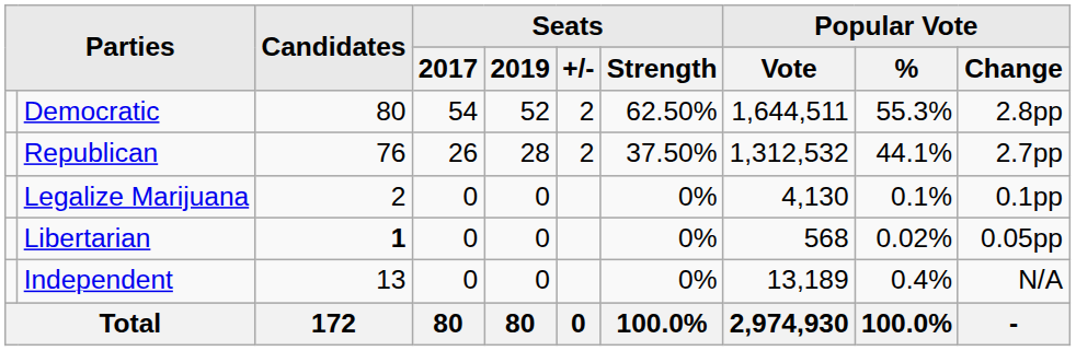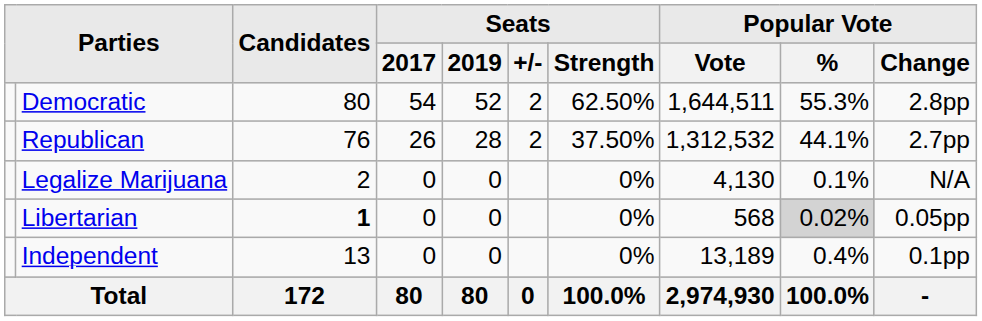 <table class=wikitable>
 <tr>
 <th style="background-color:#E9E9E9" align=center rowspan= 2 colspan=2>Parties</th>
 <th style="background-color:#E9E9E9" align=center rowspan= 2>Candidates</th>
 <th style="background-color:#E9E9E9" align=center colspan=4>Seats</th>
 <th style="background-color:#E9E9E9" align=center colspan=3>Popular Vote</th>
 </tr>
 <tr>
 <th align=center>2017</th>
 <th align=center>2019</th>
 <th align=center>+/-</th>
 <th align=center>Strength</th>
 <th align=center>Vote</th>
 <th align=center>%</th>
 <th align=center>Change</th>
 </tr>
 <tr>
 <td></td>
 <td align=left><a href='#'>Democratic</a></td>
 <td align=right>80</td>
 <td align=right >54</td>
 <td align=right >52</td>
 <td align=right> 2</td>
 <td align=right >62.50%</td>
 <td align=right >1,644,511</td>
 <td align=right >55.3%</td>
 <td align=right> 2.8pp</td>
 </tr>
 <tr>
 <td></td>
 <td align=left><a href='#'>Republican</a></td>
 <td align=right>76</td>
 <td align=right>26</td>
 <td align=right>28</td>
 <td align=right> 2</td>
 <td align=right>37.50%</td>
 <td align=right>1,312,532</td>
 <td align=right>44.1%</td>
 <td align=right> 2.7pp</td>
 </tr>
 <tr>
 <td></td>
 <td><a href='#'>Legalize Marijuana</a></td>
 <td align=right>2</td>
 <td align=right>0</td>
 <td align=right>0</td>
 <td align=right></td>
 <td align=right>0%</td>
 <td align=right>4,130</td>
 <td align=right>0.1%</td>
-<td align=right> 0.1pp</td>
+<td align=right>N/A</td>
 </tr>
 <tr>
 <td></td>
 <td><a href='#'>Libertarian</a></td>
 <td align=right><strong>1</strong></td>
 <td align=right>0</td>
 <td align=right>0</td>
 <td align=right></td>
 <td align=right>0%</td>
 <td align=right>568</td>
-<td align=right>0.02%</td>
+<td align=right style="background: lightgrey;">0.02%</td>
 <td align=right> 0.05pp</td>
 </tr>
 <tr>
 <td></td>
 <td><a href='#'>Independent</a></td>
 <td align=right>13</td>
 <td align=right>0</td>
 <td align=right>0</td>
 <td align=right></td>
 <td align=right>0%</td>
 <td align=right>13,189</td>
 <td align=right>0.4%</td>
-<td align=right>N/A</td>
+<td align=right> 0.1pp</td>
 </tr>
 <tr>
 <th align=center colspan="2">Total</th>
 <th align=center>172</th>
 <th align=center>80</th>
 <th align=center>80</th>
 <th align=center>0</th>
 <th align=center>100.0%</th>
 <th align=center>2,974,930</th>
 <th align=center>100.0%</th>
 <th align=center>-</th>
 </tr>
 </table>
